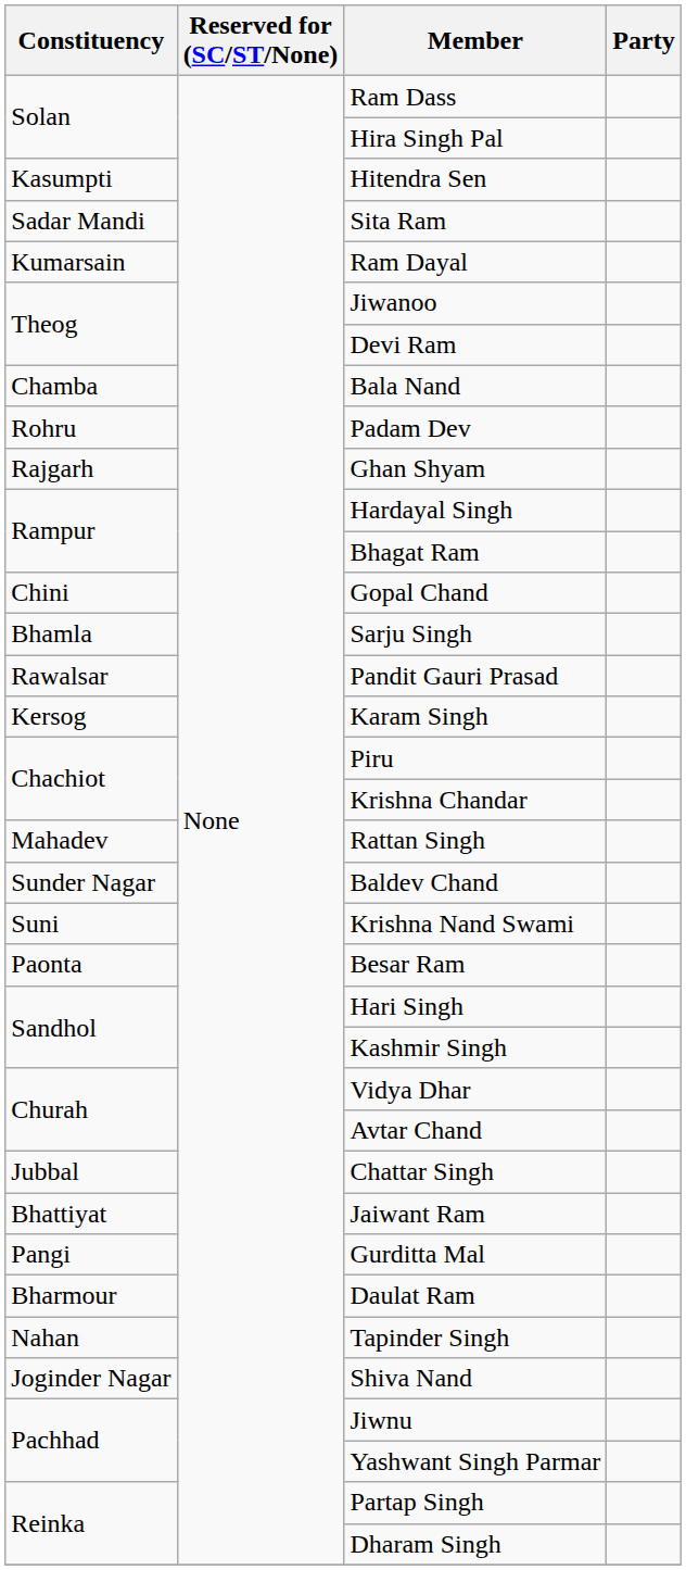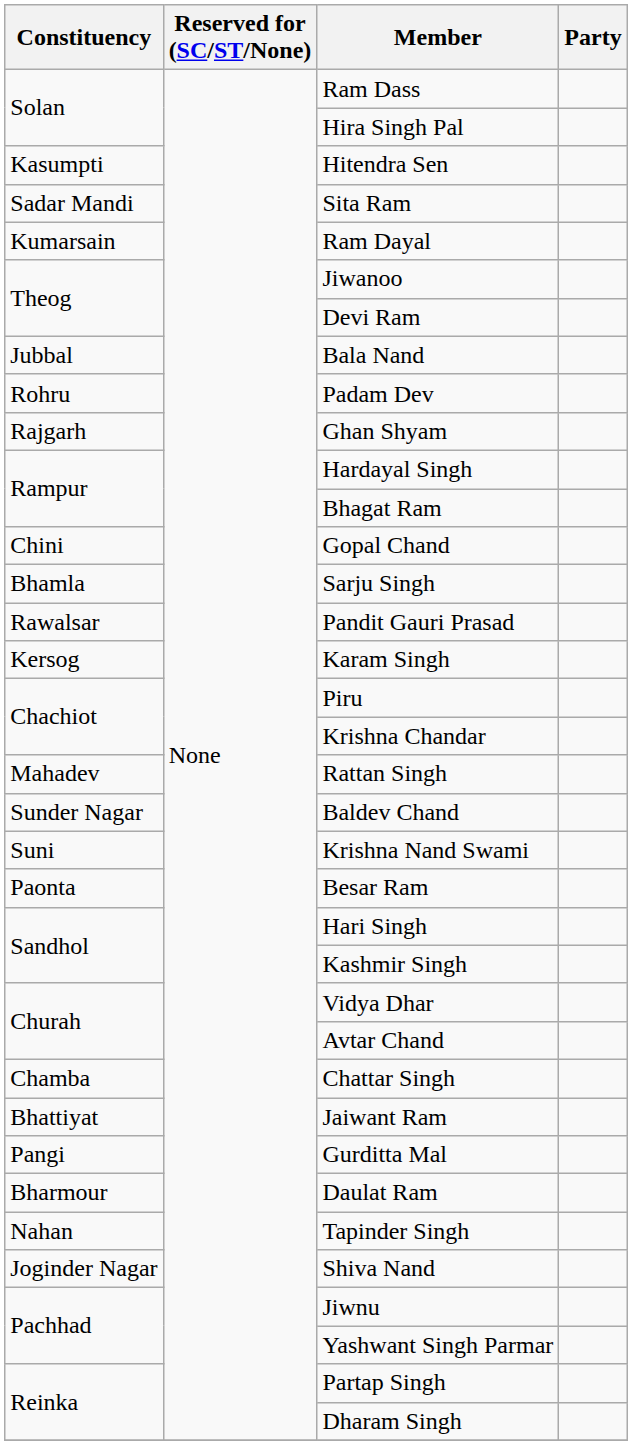 <table class="wikitable sortable">
 <tr>
 <th>Constituency</th>
 <th>Reserved for<br>(<a href='#'>SC</a>/<a href='#'>ST</a>/None)</th>
 <th>Member</th>
 <th colspan=2>Party</th>
 </tr>
 <tr>
 <td rowspan=2>Solan</td>
 <td rowspan=36>None</td>
 <td>Ram Dass</td>
 <td></td>
 </tr>
 <tr>
 <td>Hira Singh Pal</td>
 <td></td>
 </tr>
 <tr>
 <td>Kasumpti</td>
 <td>Hitendra Sen</td>
 <td></td>
 </tr>
 <tr>
 <td>Sadar Mandi</td>
 <td>Sita Ram</td>
 <td></td>
 </tr>
 <tr>
 <td>Kumarsain</td>
 <td>Ram Dayal</td>
 <td></td>
 </tr>
 <tr>
 <td rowspan=2>Theog</td>
 <td>Jiwanoo</td>
 <td></td>
 </tr>
 <tr>
 <td>Devi Ram</td>
 <td></td>
 </tr>
 <tr>
-<td>Chamba</td>
+<td>Jubbal</td>
 <td>Bala Nand</td>
 <td></td>
 </tr>
 <tr>
 <td>Rohru</td>
 <td>Padam Dev</td>
 <td></td>
 </tr>
 <tr>
 <td>Rajgarh</td>
 <td>Ghan Shyam</td>
 <td></td>
 </tr>
 <tr>
 <td rowspan=2>Rampur</td>
 <td>Hardayal Singh</td>
 <td></td>
 </tr>
 <tr>
 <td>Bhagat Ram</td>
 <td></td>
 </tr>
 <tr>
 <td>Chini</td>
 <td>Gopal Chand</td>
 <td></td>
 </tr>
 <tr>
 <td>Bhamla</td>
 <td>Sarju Singh</td>
 <td></td>
 </tr>
 <tr>
 <td>Rawalsar</td>
 <td>Pandit Gauri Prasad</td>
 <td></td>
 </tr>
 <tr>
 <td>Kersog</td>
 <td>Karam Singh</td>
 <td></td>
 </tr>
 <tr>
 <td rowspan=2>Chachiot</td>
 <td>Piru</td>
 <td></td>
 </tr>
 <tr>
 <td>Krishna Chandar</td>
 <td></td>
 </tr>
 <tr>
 <td>Mahadev</td>
 <td>Rattan Singh</td>
 <td></td>
 </tr>
 <tr>
 <td>Sunder Nagar</td>
 <td>Baldev Chand</td>
 <td></td>
 </tr>
 <tr>
 <td>Suni</td>
 <td>Krishna Nand Swami</td>
 <td></td>
 </tr>
 <tr>
 <td>Paonta</td>
 <td>Besar Ram</td>
 <td></td>
 </tr>
 <tr>
 <td rowspan=2>Sandhol</td>
 <td>Hari Singh</td>
 <td></td>
 </tr>
 <tr>
 <td>Kashmir Singh</td>
 <td></td>
 </tr>
 <tr>
 <td rowspan=2>Churah</td>
 <td>Vidya Dhar</td>
 <td></td>
 </tr>
 <tr>
 <td>Avtar Chand</td>
 <td></td>
 </tr>
 <tr>
-<td>Jubbal</td>
+<td>Chamba</td>
 <td>Chattar Singh</td>
 <td></td>
 </tr>
 <tr>
 <td>Bhattiyat</td>
 <td>Jaiwant Ram</td>
 <td></td>
 </tr>
 <tr>
 <td>Pangi</td>
 <td>Gurditta Mal</td>
 <td></td>
 </tr>
 <tr>
 <td>Bharmour</td>
 <td>Daulat Ram</td>
 <td></td>
 </tr>
 <tr>
 <td>Nahan</td>
 <td>Tapinder Singh</td>
 <td></td>
 </tr>
 <tr>
 <td>Joginder Nagar</td>
 <td>Shiva Nand</td>
 <td></td>
 </tr>
 <tr>
 <td rowspan=2>Pachhad</td>
 <td>Jiwnu</td>
 <td></td>
 </tr>
 <tr>
 <td>Yashwant Singh Parmar</td>
 <td></td>
 </tr>
 <tr>
 <td rowspan=2>Reinka</td>
 <td>Partap Singh</td>
 <td></td>
 </tr>
 <tr>
 <td>Dharam Singh</td>
 <td></td>
 </tr>
 <tr>
 </tr>
 </table>
